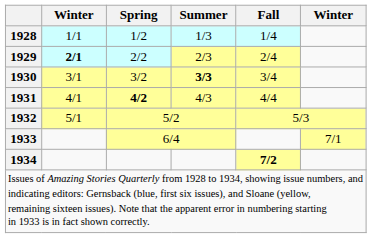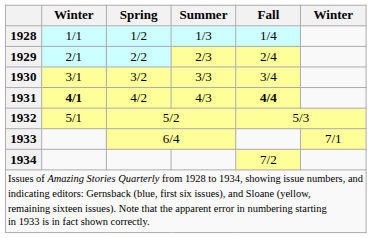 <table class="wikitable" style="font-size: 10pt; line-height: 11pt; margin-left: 2em; text-align: center; float: right">
 <tr>
 <th></th>
 <th>Winter</th>
 <th>Spring</th>
 <th>Summer</th>
 <th>Fall</th>
 <th>Winter</th>
 </tr>
 <tr>
 <th>1928</th>
 <td bgcolor=#ccffff>1/1</td>
 <td bgcolor=#ccffff>1/2</td>
 <td bgcolor=#ccffff>1/3</td>
 <td bgcolor=#ccffff>1/4</td>
 <td></td>
 </tr>
 <tr>
 <th style="width:10%;">1929</th>
-<td style="width:18%;" bgcolor=#ccffff><strong>2/1</strong></td>
+<td style="width:18%;" bgcolor=#ccffff>2/1</td>
 <td style="width:18%;" bgcolor=#ccffff>2/2</td>
 <td style="width:18%;" bgcolor=#ffff99>2/3</td>
 <td style="width:18%;" bgcolor=#ffff99>2/4</td>
 <td></td>
 </tr>
 <tr>
 <th>1930</th>
 <td bgcolor=#ffff99>3/1</td>
 <td bgcolor=#ffff99>3/2</td>
-<td bgcolor=#ffff99><strong>3/3</strong></td>
+<td bgcolor=#ffff99>3/3</td>
 <td bgcolor=#ffff99>3/4</td>
 <td></td>
 </tr>
 <tr>
 <th>1931</th>
-<td bgcolor=#ffff99>4/1</td>
-<td bgcolor=#ffff99><strong>4/2</strong></td>
+<td bgcolor=#ffff99><strong>4/1</strong></td>
+<td bgcolor=#ffff99>4/2</td>
 <td bgcolor=#ffff99>4/3</td>
-<td bgcolor=#ffff99>4/4</td>
+<td bgcolor=#ffff99><strong>4/4</strong></td>
 <td></td>
 </tr>
 <tr>
 <th>1932</th>
 <td bgcolor=#ffff99>5/1</td>
 <td colspan="2" bgcolor=#ffff99>5/2</td>
 <td colspan="2" bgcolor=#ffff99>5/3</td>
 </tr>
 <tr>
 <th>1933</th>
 <td></td>
 <td colspan="2" bgcolor=#ffff99>6/4</td>
 <td></td>
 <td bgcolor=#ffff99>7/1</td>
 </tr>
 <tr>
 <th>1934</th>
 <td></td>
 <td></td>
 <td></td>
-<td bgcolor=#ffff99><strong>7/2</strong></td>
+<td bgcolor=#ffff99>7/2</td>
 <td></td>
 </tr>
 <tr>
 <td colspan="13" style=" width:100%; font-size: 8pt; text-align:left">Issues of <em>Amazing Stories Quarterly</em> from 1928 to 1934, showing issue numbers, and<br>indicating editors: Gernsback (blue, first six issues), and Sloane (yellow,<br>remaining sixteen issues). Note that the apparent error in numbering starting<br>in 1933 is in fact shown correctly.</td>
 </tr>
 </table>
